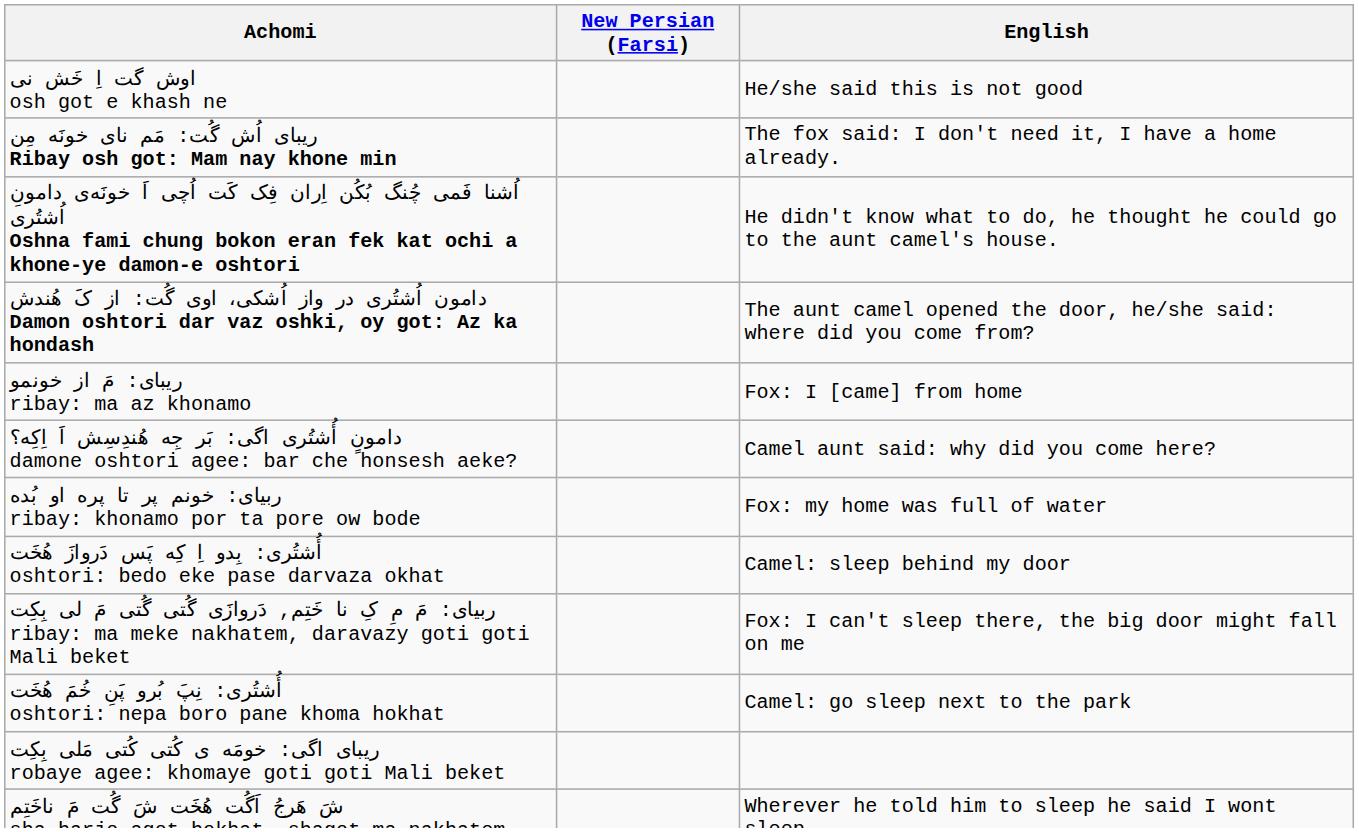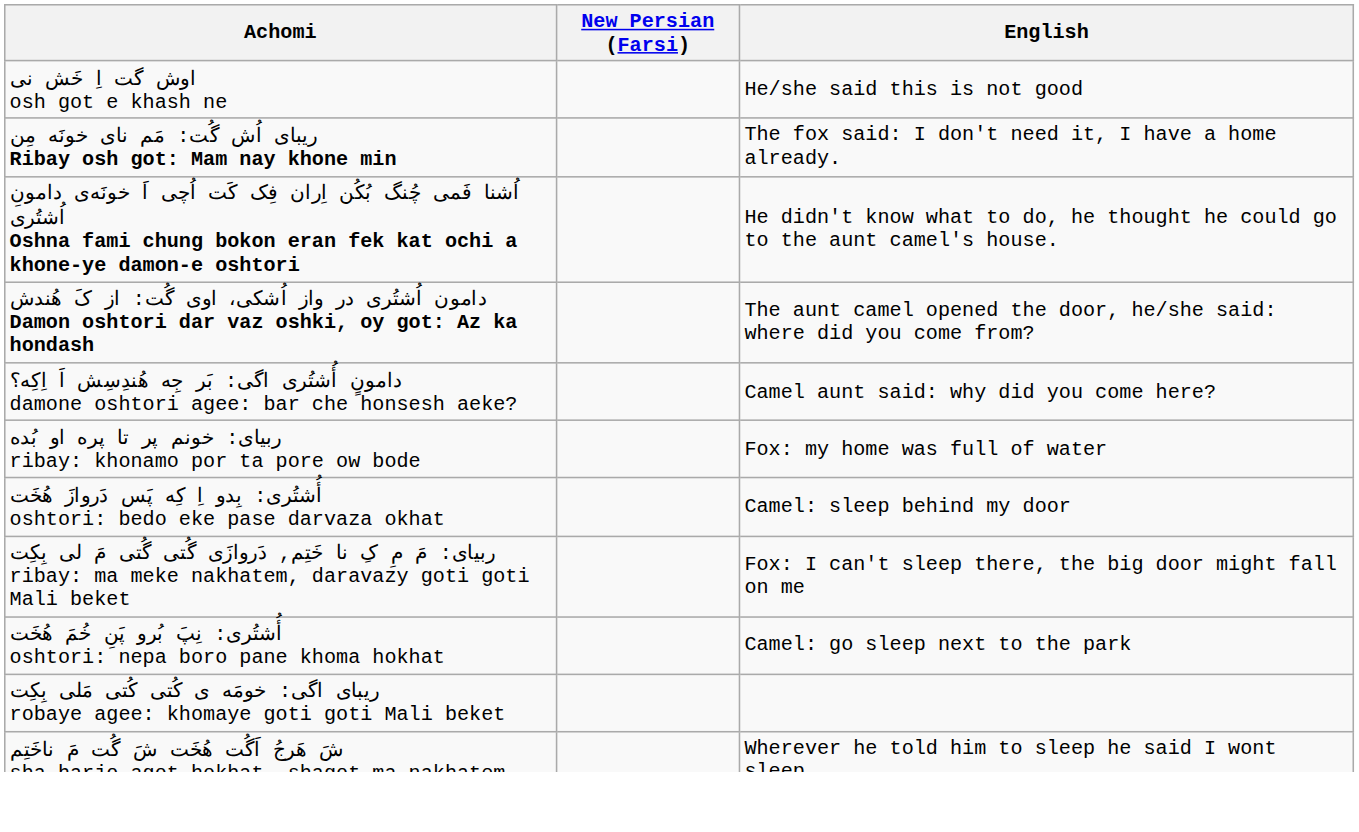 <table class="wikitable">
 <tr>
 <th>Achomi</th>
 <th><a href='#'>New Persian</a> (<a href='#'>Farsi</a>)</th>
 <th>English</th>
 </tr>
 <tr>
 <td>اوش گت اِ خَش نی<br>osh got e khash ne</td>
 <td><br></td>
 <td>He/she said this is not good</td>
 </tr>
 <tr>
 <td>ریبای اُش گُت: مَم نای خونَه مِن<br><strong>Ribay osh got: Mam nay khone min</strong></td>
 <td><br><br></td>
 <td>The fox said: I don't need it, I have a home already.</td>
 </tr>
 <tr>
 <td>اُشنا فَمی چُنگ بُکُن اِران فِک کَت اُچی اَ خونَه‌ی دامونِ اُشتُری<br><strong>Oshna fami chung bokon eran fek kat ochi a khone-ye damon-e oshtori</strong></td>
 <td><br><br></td>
 <td>He didn't know what to do, he thought he could go to the aunt camel's house.</td>
 </tr>
 <tr>
 <td>دامون اُشتُری در واز اُشکی، اوی گُت: از کَ هُندش<br><strong>Damon oshtori dar vaz oshki, oy got: Az ka hondash</strong></td>
 <td></td>
 <td>The aunt camel opened the door, he/she said: where did you come from?</td>
-</tr>
-<tr>
-<td>ریبای: مَ از خونمو<br>ribay: ma az khonamo</td>
-<td><br></td>
-<td>Fox: I [came] from home</td>
 </tr>
 <tr>
 <td>دامونٍ أُشتُرى اگی: بَر جِه هُندِسِش اَ اِكِه؟<br>damone oshtori agee: bar che honsesh aeke?</td>
 <td><br><br></td>
 <td>Camel aunt said: why did you come here?</td>
 </tr>
 <tr>
 <td>ربياى: خونم پر تا پره او بُده<br>ribay: khonamo por ta pore ow bode</td>
 <td></td>
 <td>Fox: my home was full of water</td>
 </tr>
 <tr>
 <td>أُشتُرى: بِدو اِ كِه پَس دَروازَ هُخَت<br>oshtori: bedo eke pase darvaza okhat</td>
 <td></td>
 <td>Camel: sleep behind my door</td>
 </tr>
 <tr>
 <td>ربياى: مَ مِ کِ نا خَتِم, دَروازَى گُتى گُتى مَ لى بِكِت<br>ribay: ma meke nakhatem, daravazy goti goti Mali beket</td>
 <td><br><br></td>
 <td>Fox: I can't sleep there, the big door might fall on me</td>
 </tr>
 <tr>
 <td>أُشتُرى: نِپَ بُرو پَنِ خُمَ هُخَت<br>oshtori: nepa boro pane khoma hokhat</td>
 <td></td>
 <td>Camel: go sleep next to the park</td>
 </tr>
 <tr>
 <td>ریبای اگی: خومَه ى كُتى كُتى مَلى بِكِت<br>robaye agee: khomaye goti goti Mali beket</td>
 <td></td>
 <td></td>
 </tr>
 <tr>
 <td>شَ هَرجُ اَگُت هُخَت شَ گُت مَ ناخَتِم<br>sha harjo agot hokhat, shagot ma nakhatem</td>
 <td><br></td>
 <td>Wherever he told him to sleep he said I wont sleep</td>
 </tr>
 </table>
